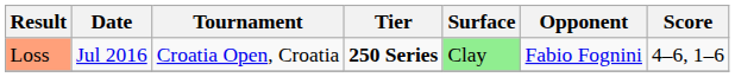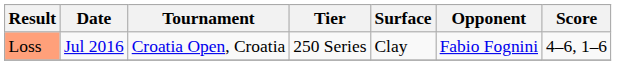 <table class="sortable wikitable">
 <tr>
 <th>Result</th>
 <th>Date</th>
 <th>Tournament</th>
 <th>Tier</th>
 <th>Surface</th>
 <th>Opponent</th>
 <th class="unsortable">Score</th>
 </tr>
 <tr>
 <td style="background:#ffa07a;">Loss</td>
 <td><a href='#'>Jul 2016</a></td>
 <td><a href='#'>Croatia Open</a>, Croatia</td>
-<td><strong>250 Series</strong></td>
-<td style="background: lightgreen;">Clay</td>
+<td>250 Series</td>
+<td>Clay</td>
 <td> <a href='#'>Fabio Fognini</a></td>
 <td>4–6, 1–6</td>
 </tr>
 <tr>
 </tr>
 </table>
